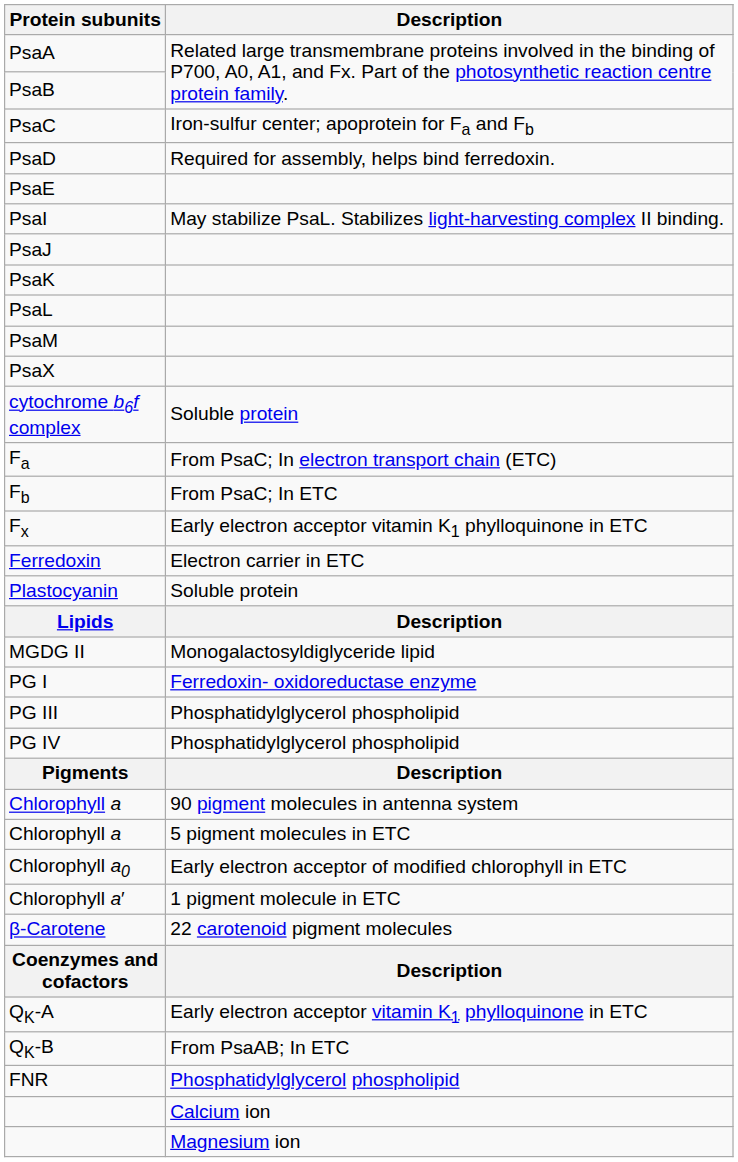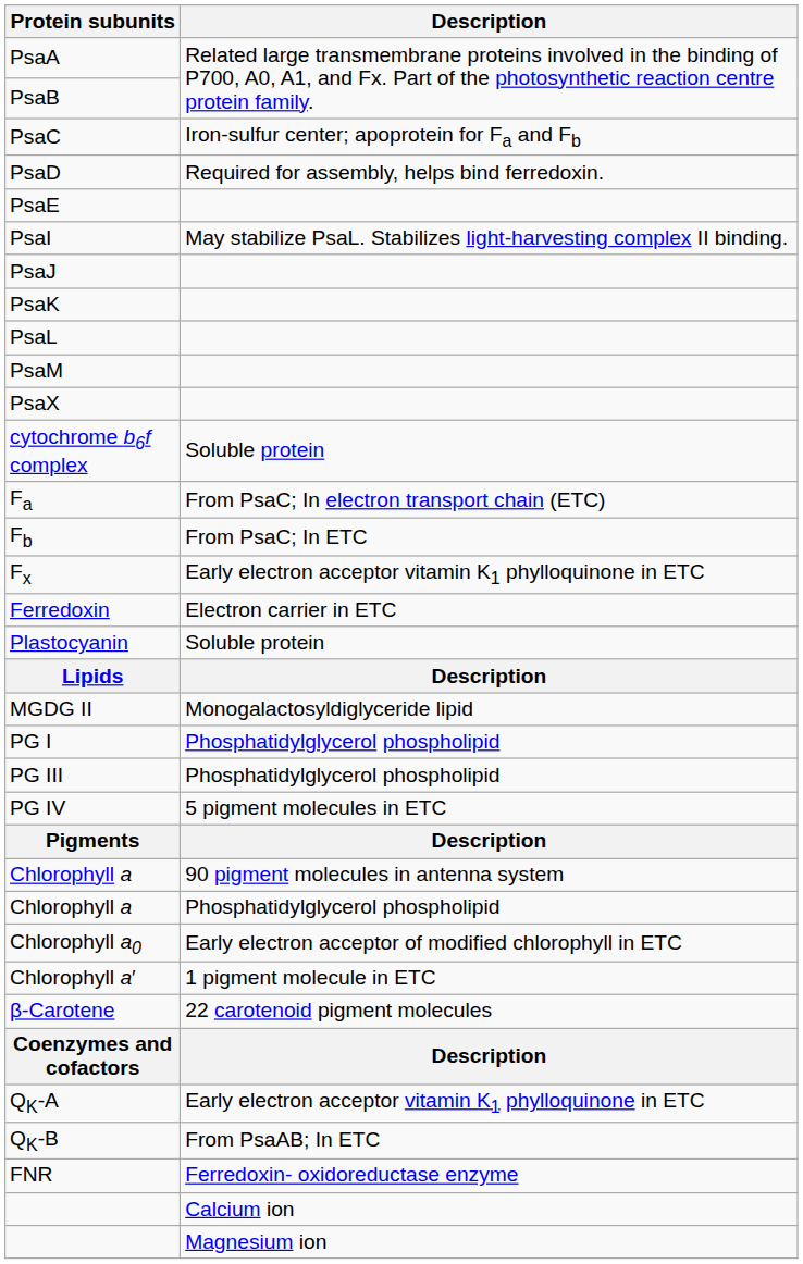 <table class="wikitable">
 <tr>
 <th>Protein subunits</th>
 <th>Description</th>
 </tr>
 <tr>
 <td row 2, cell 1>PsaA</td>
 <td rowspan=2>Related large transmembrane proteins involved in the binding of P700, A0, A1, and Fx. Part of the <a href='#'>photosynthetic reaction centre protein family</a>.</td>
 </tr>
 <tr>
 <td row 3, cell 1>PsaB</td>
 </tr>
 <tr>
 <td row 4, cell 1>PsaC</td>
 <td row 4, cell 2>Iron-sulfur center; apoprotein for F<sub>a</sub> and F<sub>b</sub></td>
 </tr>
 <tr>
 <td row 5, cell 1>PsaD</td>
 <td row 5, cell 2>Required for assembly, helps bind ferredoxin. </td>
 </tr>
 <tr>
 <td row 6, cell 1>PsaE</td>
 <td row 6, cell 2></td>
 </tr>
 <tr>
 <td row 7, cell 1>PsaI</td>
 <td row 7, cell 2>May stabilize PsaL. Stabilizes <a href='#'>light-harvesting complex</a> II binding. </td>
 </tr>
 <tr>
 <td row 8, cell 1>PsaJ</td>
 <td row 8, cell 2></td>
 </tr>
 <tr>
 <td row 9, cell 1>PsaK</td>
 <td row 9, cell 2></td>
 </tr>
 <tr>
 <td row 10, cell 1>PsaL</td>
 <td row 10, cell 2></td>
 </tr>
 <tr>
 <td row 11, cell 1>PsaM</td>
 <td row 11, cell 2></td>
 </tr>
 <tr>
 <td row 12, cell 1>PsaX</td>
 <td row 12, cell 2></td>
 </tr>
 <tr>
 <td row 13, cell 1><a href='#'>cytochrome <em>b<sub>6</sub>f</em> complex</a></td>
 <td row 13, cell 2>Soluble <a href='#'>protein</a></td>
 </tr>
 <tr>
 <td row 14, cell 1>F<sub>a</sub></td>
 <td row 14, cell 2>From PsaC; In <a href='#'>electron transport chain</a> (ETC)</td>
 </tr>
 <tr>
 <td row 15, cell 1>F<sub>b</sub></td>
 <td row 15, cell 2>From PsaC; In ETC</td>
 </tr>
 <tr>
 <td row 16, cell 1>F<sub>x</sub></td>
 <td row 29, cell 2>Early electron acceptor vitamin K<sub>1</sub> phylloquinone in ETC</td>
 </tr>
 <tr>
 <td row 17, cell 1><a href='#'>Ferredoxin</a></td>
 <td row 17, cell 2>Electron carrier in ETC</td>
 </tr>
 <tr>
 <td row 18, cell 1><a href='#'>Plastocyanin</a></td>
 <td row 18, cell 2>Soluble protein</td>
 </tr>
 <tr>
 <th><a href='#'>Lipids</a></th>
 <th>Description</th>
 </tr>
 <tr>
 <td row 19, cell 1>MGDG II</td>
 <td row 19, cell 2>Monogalactosyldiglyceride lipid</td>
 </tr>
 <tr>
 <td row 20, cell 1>PG I</td>
-<td row 30, cell 2><a href='#'>Ferredoxin- oxidoreductase enzyme</a></td>
+<td row 20, cell 2><a href='#'>Phosphatidylglycerol</a> <a href='#'>phospholipid</a></td>
 </tr>
 <tr>
 <td row 21, cell 1>PG III</td>
 <td row 21, cell 2>Phosphatidylglycerol phospholipid</td>
 </tr>
 <tr>
 <td row 22, cell 1>PG IV</td>
-<td row 22, cell 2>Phosphatidylglycerol phospholipid</td>
+<td row 24, cell 2>5 pigment molecules in ETC</td>
 </tr>
 <tr>
 <th>Pigments</th>
 <th>Description</th>
 </tr>
 <tr>
 <td row 23, cell 1><a href='#'>Chlorophyll</a> <em>a</em></td>
 <td row 23, cell 2>90 <a href='#'>pigment</a> molecules in antenna system</td>
 </tr>
 <tr>
 <td row 24, cell 1>Chlorophyll <em>a</em></td>
-<td row 24, cell 2>5 pigment molecules in ETC</td>
+<td row 22, cell 2>Phosphatidylglycerol phospholipid</td>
 </tr>
 <tr>
 <td row 25, cell 1>Chlorophyll <em>a<sub>0</sub></em></td>
 <td row 25, cell 2>Early electron acceptor of modified chlorophyll in ETC</td>
 </tr>
 <tr>
 <td row 26, cell 1>Chlorophyll <em>a</em>′</td>
 <td row 26, cell 2>1 pigment molecule in ETC</td>
 </tr>
 <tr>
 <td row 27, cell 1><a href='#'>β-Carotene</a></td>
 <td row 27, cell 2>22 <a href='#'>carotenoid</a> pigment molecules</td>
 </tr>
 <tr>
 <th>Coenzymes and cofactors</th>
 <th>Description</th>
 </tr>
 <tr>
 <td row 28, cell 1>Q<sub>K</sub>-A</td>
 <td row 28, cell 2>Early electron acceptor <a href='#'>vitamin K<sub>1</sub></a> <a href='#'>phylloquinone</a> in ETC</td>
 </tr>
 <tr>
 <td row 29, cell 1>Q<sub>K</sub>-B</td>
 <td row 16, cell 2>From PsaAB; In ETC</td>
 </tr>
 <tr>
 <td row 30, cell 1>FNR</td>
-<td row 20, cell 2><a href='#'>Phosphatidylglycerol</a> <a href='#'>phospholipid</a></td>
+<td row 30, cell 2><a href='#'>Ferredoxin- oxidoreductase enzyme</a></td>
 </tr>
 <tr>
 <td row 31, cell 1></td>
 <td row 31, cell 2><a href='#'>Calcium</a> ion</td>
 </tr>
 <tr>
 <td row 32, cell 1></td>
 <td row 32, cell 2><a href='#'>Magnesium</a> ion</td>
 </tr>
 </table>
